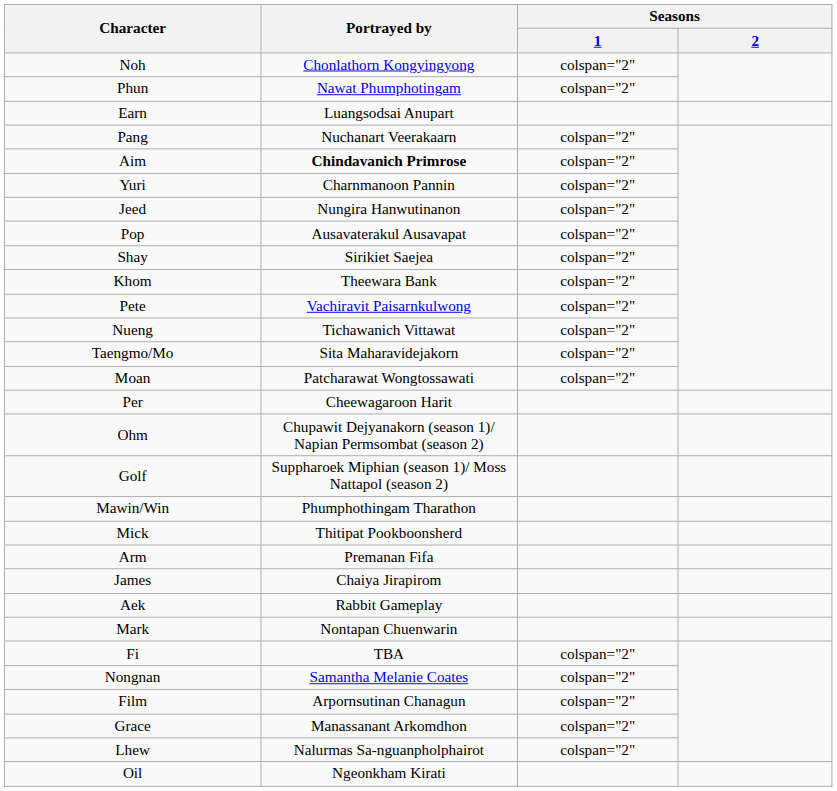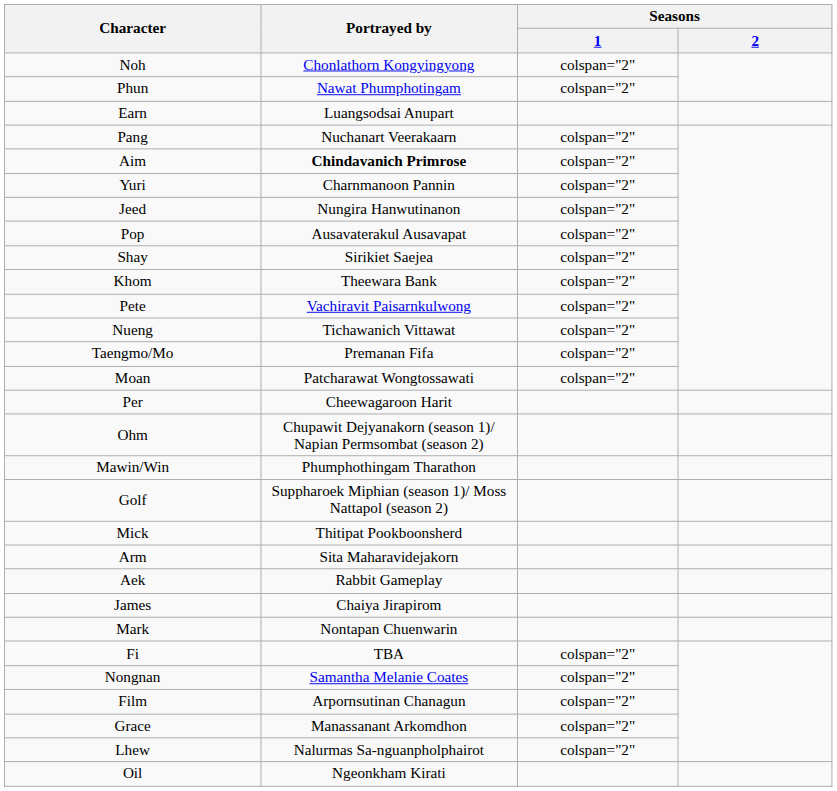 <table class="wikitable plainrowheaders" style="text-align:center; width:69%">
 <tr>
 <th scope="col" rowspan="2" style="width:15%">Character</th>
 <th scope="col" rowspan="2" style="width:15%">Portrayed by</th>
 <th scope="col" colspan="2" style="width:18%">Seasons</th>
 </tr>
 <tr>
 <th scope="col" style="width:9%"><a href='#'>1</a></th>
 <th scope="col" style="width:9%"><a href='#'>2</a></th>
 </tr>
 <tr>
 <td scope="row">Noh</td>
 <td><a href='#'>Chonlathorn Kongyingyong</a></td>
 <td>colspan="2" </td>
 </tr>
 <tr>
 <td scope="row">Phun</td>
 <td><a href='#'>Nawat Phumphotingam</a></td>
 <td>colspan="2" </td>
 </tr>
 <tr>
 <td scope="row">Earn</td>
 <td>Luangsodsai Anupart</td>
 <td></td>
 <td></td>
 </tr>
 <tr>
 <td scope="row">Pang</td>
 <td>Nuchanart Veerakaarn</td>
 <td>colspan="2" </td>
 </tr>
 <tr>
 <td scope="row">Aim</td>
 <td><strong>Chindavanich Primrose</strong></td>
 <td>colspan="2" </td>
 </tr>
 <tr>
 <td scope="row">Yuri</td>
 <td>Charnmanoon Pannin</td>
 <td>colspan="2" </td>
 </tr>
 <tr>
 <td scope="row">Jeed</td>
 <td>Nungira Hanwutinanon</td>
 <td>colspan="2" </td>
 </tr>
 <tr>
 <td scope="row">Pop</td>
 <td>Ausavaterakul Ausavapat</td>
 <td>colspan="2" </td>
 </tr>
 <tr>
 <td scope="row">Shay</td>
 <td>Sirikiet Saejea</td>
 <td>colspan="2" </td>
 </tr>
 <tr>
 <td scope="row">Khom</td>
 <td>Theewara Bank</td>
 <td>colspan="2" </td>
 </tr>
 <tr>
 <td scope="row">Pete</td>
 <td><a href='#'>Vachiravit Paisarnkulwong</a></td>
 <td>colspan="2" </td>
 </tr>
 <tr>
 <td scope="row">Nueng</td>
 <td>Tichawanich Vittawat</td>
 <td>colspan="2" </td>
 </tr>
 <tr>
 <td scope="row">Taengmo/Mo</td>
-<td>Sita Maharavidejakorn</td>
+<td>Premanan Fifa</td>
 <td>colspan="2" </td>
 </tr>
 <tr>
 <td scope="row">Moan</td>
 <td>Patcharawat Wongtossawati</td>
 <td>colspan="2" </td>
 </tr>
 <tr>
 <td scope="row">Per</td>
 <td>Cheewagaroon Harit</td>
 <td></td>
 <td></td>
 </tr>
 <tr>
 <td scope="row">Ohm</td>
 <td>Chupawit Dejyanakorn (season 1)/ Napian Permsombat (season 2)</td>
 <td></td>
 <td></td>
 </tr>
 <tr>
-<td scope="row">Golf</td>
-<td>Suppharoek Miphian (season 1)/ Moss Nattapol (season 2)</td>
+<td scope="row">Mawin/Win</td>
+<td>Phumphothingam Tharathon</td>
 <td></td>
 <td></td>
 </tr>
 <tr>
-<td scope="row">Mawin/Win</td>
-<td>Phumphothingam Tharathon</td>
+<td scope="row">Golf</td>
+<td>Suppharoek Miphian (season 1)/ Moss Nattapol (season 2)</td>
 <td></td>
 <td></td>
 </tr>
 <tr>
 <td scope="row">Mick</td>
 <td>Thitipat Pookboonsherd</td>
 <td></td>
 <td></td>
 </tr>
 <tr>
 <td scope="row">Arm</td>
-<td>Premanan Fifa</td>
+<td>Sita Maharavidejakorn</td>
+<td></td>
+<td></td>
+</tr>
+<tr>
+<td scope="row">Aek</td>
+<td>Rabbit Gameplay</td>
 <td></td>
 <td></td>
 </tr>
 <tr>
 <td scope="row">James</td>
 <td>Chaiya Jirapirom</td>
-<td></td>
-<td></td>
-</tr>
-<tr>
-<td scope="row">Aek</td>
-<td>Rabbit Gameplay</td>
 <td></td>
 <td></td>
 </tr>
 <tr>
 <td scope="row">Mark</td>
 <td>Nontapan Chuenwarin</td>
 <td></td>
 <td></td>
 </tr>
 <tr>
 <td scope="row">Fi</td>
 <td>TBA</td>
 <td>colspan="2" </td>
 </tr>
 <tr>
 <td scope="row">Nongnan</td>
 <td><a href='#'>Samantha Melanie Coates</a></td>
 <td>colspan="2" </td>
 </tr>
 <tr>
 <td scope="row">Film</td>
 <td>Arpornsutinan Chanagun</td>
 <td>colspan="2" </td>
 </tr>
 <tr>
 <td scope="row">Grace</td>
 <td>Manassanant Arkomdhon</td>
 <td>colspan="2" </td>
 </tr>
 <tr>
 <td scope="row">Lhew</td>
 <td>Nalurmas Sa-nguanpholphairot</td>
 <td>colspan="2" </td>
 </tr>
 <tr>
 <td scope="row">Oil</td>
 <td>Ngeonkham Kirati</td>
 <td></td>
 <td></td>
 </tr>
 </table>
